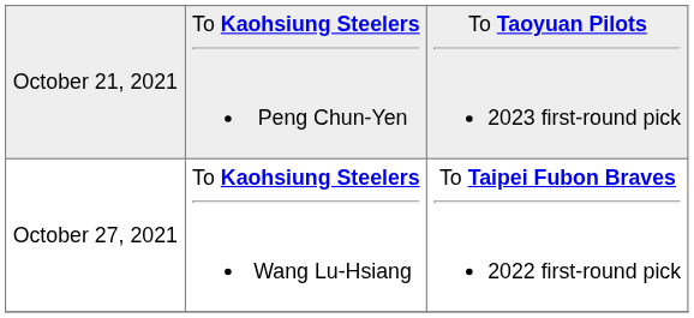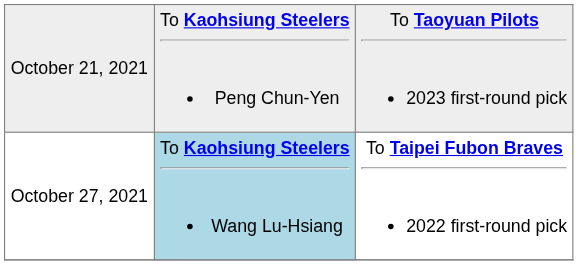 <table border=1 cellpadding="5" style="border-collapse:collapse; text-align: center; bordercolor:#DFDFDF">
 <tr style="background:#eee;">
 <td>October 21, 2021</td>
 <td valign="top">To <strong><a href='#'>Kaohsiung Steelers</a></strong><hr><br><ul><li>Peng Chun-Yen</li></ul></td>
 <td valign="top">To <strong><a href='#'>Taoyuan Pilots</a></strong><hr><br><ul><li>2023 first-round pick</li></ul></td>
 </tr>
 <tr>
 <td>October 27, 2021</td>
-<td valign="top">To <strong><a href='#'>Kaohsiung Steelers</a></strong><hr><br><ul><li>Wang Lu-Hsiang</li></ul></td>
+<td valign="top" style="background: lightblue;">To <strong><a href='#'>Kaohsiung Steelers</a></strong><hr><br><ul><li>Wang Lu-Hsiang</li></ul></td>
 <td valign="top">To <strong><a href='#'>Taipei Fubon Braves</a></strong><hr><br><ul><li>2022 first-round pick</li></ul></td>
 </tr>
 <tr>
 </tr>
 </table>
